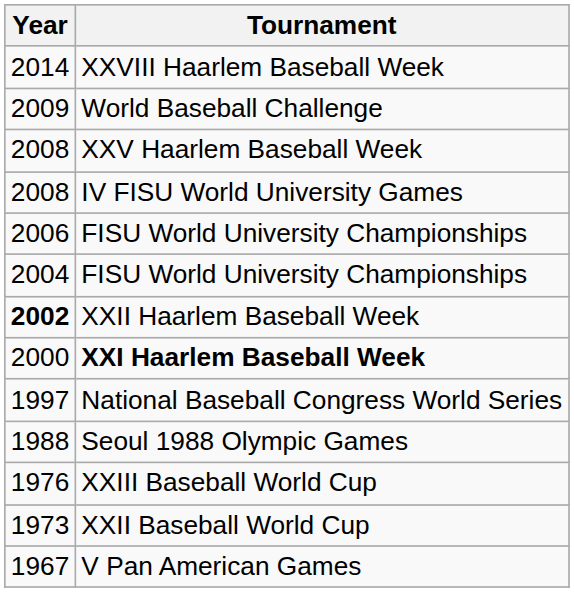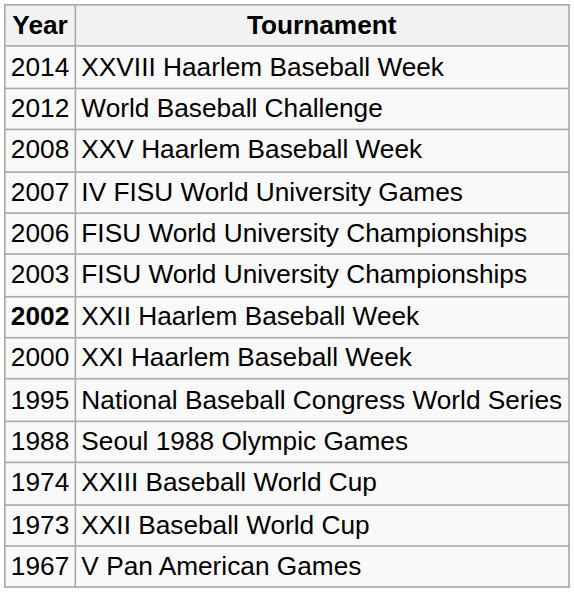 <table class="wikitable">
 <tr>
 <th>Year</th>
 <th>Tournament</th>
 </tr>
 <tr>
 <td>2014</td>
 <td>XXVIII Haarlem Baseball Week</td>
 </tr>
 <tr>
-<td>2009</td>
+<td>2012</td>
 <td>World Baseball Challenge</td>
 </tr>
 <tr>
 <td>2008</td>
 <td>XXV Haarlem Baseball Week</td>
 </tr>
 <tr>
-<td>2008</td>
+<td>2007</td>
 <td>IV FISU World University Games</td>
 </tr>
 <tr>
 <td>2006</td>
 <td>FISU World University Championships</td>
 </tr>
 <tr>
-<td>2004</td>
+<td>2003</td>
 <td>FISU World University Championships</td>
 </tr>
 <tr>
 <td><strong>2002</strong></td>
 <td>XXII Haarlem Baseball Week</td>
 </tr>
 <tr>
 <td>2000</td>
-<td><strong>XXI Haarlem Baseball Week</strong></td>
+<td>XXI Haarlem Baseball Week</td>
 </tr>
 <tr>
-<td>1997</td>
+<td>1995</td>
 <td>National Baseball Congress World Series</td>
 </tr>
 <tr>
 <td>1988</td>
 <td>Seoul 1988 Olympic Games</td>
 </tr>
 <tr>
-<td>1976</td>
+<td>1974</td>
 <td>XXIII Baseball World Cup</td>
 </tr>
 <tr>
 <td>1973</td>
 <td>XXII Baseball World Cup</td>
 </tr>
 <tr>
 <td>1967</td>
 <td>V Pan American Games</td>
 </tr>
 </table>
